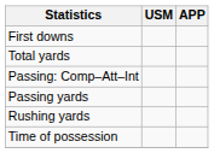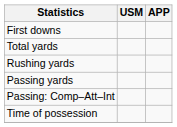 <table class="wikitable" style="float: left;">
 <tr>
 <th>Statistics</th>
 <th>USM</th>
 <th>APP</th>
 </tr>
 <tr>
 <td>First downs</td>
 <td></td>
 <td></td>
 </tr>
 <tr>
 <td>Total yards</td>
 <td></td>
 <td></td>
 </tr>
 <tr>
-<td>Passing: Comp–Att–Int</td>
+<td>Rushing yards</td>
 <td></td>
 <td></td>
 </tr>
 <tr>
 <td>Passing yards</td>
 <td></td>
 <td></td>
 </tr>
 <tr>
-<td>Rushing yards</td>
+<td>Passing: Comp–Att–Int</td>
 <td></td>
 <td></td>
 </tr>
 <tr>
 <td>Time of possession</td>
 <td></td>
 <td></td>
 </tr>
 <tr>
 </tr>
 </table>
